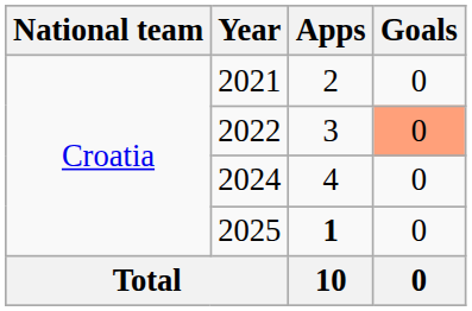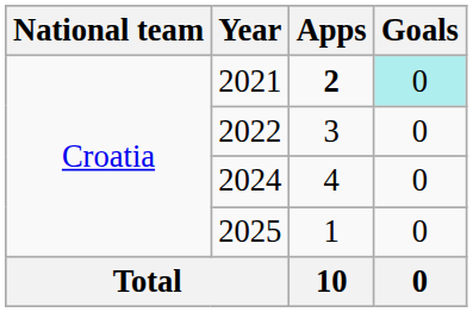 <table class="wikitable" style="text-align:center">
 <tr>
 <th>National team</th>
 <th>Year</th>
 <th>Apps</th>
 <th>Goals</th>
 </tr>
 <tr>
 <td rowspan="4"><a href='#'>Croatia</a></td>
 <td>2021</td>
-<td>2</td>
-<td>0</td>
+<td><strong>2</strong></td>
+<td style="background: paleturquoise;">0</td>
 </tr>
 <tr>
 <td>2022</td>
 <td>3</td>
-<td style="background: lightsalmon;">0</td>
+<td>0</td>
 </tr>
 <tr>
 <td>2024</td>
 <td>4</td>
 <td>0</td>
 </tr>
 <tr>
 <td>2025</td>
-<td><strong>1</strong></td>
+<td>1</td>
 <td>0</td>
 </tr>
 <tr>
 <th colspan="2">Total</th>
 <th>10</th>
 <th>0</th>
 </tr>
 </table>
